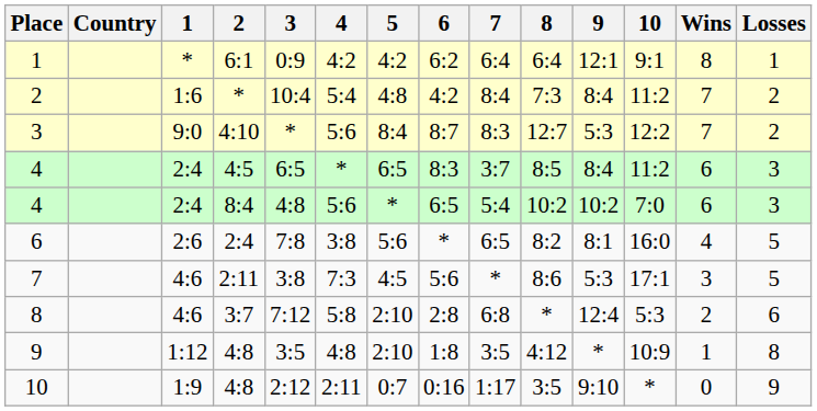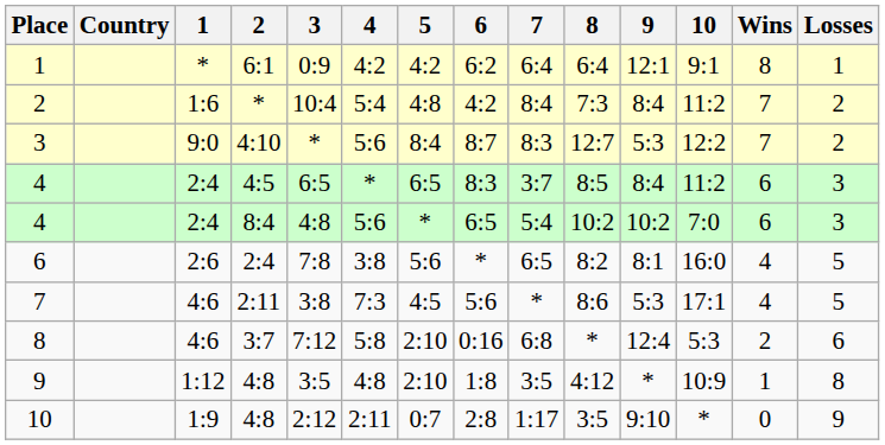 <table class=wikitable style="text-align: center;">
 <tr>
 <th>Place</th>
 <th>Country</th>
 <th width=20>1</th>
 <th width=20>2</th>
 <th width=20>3</th>
 <th width=20>4</th>
 <th width=20>5</th>
 <th width=20>6</th>
 <th width=20>7</th>
 <th width=20>8</th>
 <th width=20>9</th>
 <th width=20>10</th>
 <th width=20>Wins</th>
 <th width=20>Losses</th>
 </tr>
 <tr bgcolor=#ffc>
 <td>1</td>
 <td align="left"></td>
 <td>*</td>
 <td>6:1</td>
 <td>0:9</td>
 <td>4:2</td>
 <td>4:2</td>
 <td>6:2</td>
 <td>6:4</td>
 <td>6:4</td>
 <td>12:1</td>
 <td>9:1</td>
 <td>8</td>
 <td>1</td>
 </tr>
 <tr bgcolor=#ffc>
 <td>2</td>
 <td align="left"></td>
 <td>1:6</td>
 <td>*</td>
 <td>10:4</td>
 <td>5:4</td>
 <td>4:8</td>
 <td>4:2</td>
 <td>8:4</td>
 <td>7:3</td>
 <td>8:4</td>
 <td>11:2</td>
 <td>7</td>
 <td>2</td>
 </tr>
 <tr bgcolor=#ffc>
 <td>3</td>
 <td align="left"></td>
 <td>9:0</td>
 <td>4:10</td>
 <td>*</td>
 <td>5:6</td>
 <td>8:4</td>
 <td>8:7</td>
 <td>8:3</td>
 <td>12:7</td>
 <td>5:3</td>
 <td>12:2</td>
 <td>7</td>
 <td>2</td>
 </tr>
 <tr bgcolor=#cfc>
 <td>4</td>
 <td align="left"></td>
 <td>2:4</td>
 <td>4:5</td>
 <td>6:5</td>
 <td>*</td>
 <td>6:5</td>
 <td>8:3</td>
 <td>3:7</td>
 <td>8:5</td>
 <td>8:4</td>
 <td>11:2</td>
 <td>6</td>
 <td>3</td>
 </tr>
 <tr bgcolor=#cfc>
 <td>4</td>
 <td align="left"></td>
 <td>2:4</td>
 <td>8:4</td>
 <td>4:8</td>
 <td>5:6</td>
 <td>*</td>
 <td>6:5</td>
 <td>5:4</td>
 <td>10:2</td>
 <td>10:2</td>
 <td>7:0</td>
 <td>6</td>
 <td>3</td>
 </tr>
 <tr>
 <td>6</td>
 <td align="left"></td>
 <td>2:6</td>
 <td>2:4</td>
 <td>7:8</td>
 <td>3:8</td>
 <td>5:6</td>
 <td>*</td>
 <td>6:5</td>
 <td>8:2</td>
 <td>8:1</td>
 <td>16:0</td>
 <td>4</td>
 <td>5</td>
 </tr>
 <tr>
 <td>7</td>
 <td align="left"></td>
 <td>4:6</td>
 <td>2:11</td>
 <td>3:8</td>
 <td>7:3</td>
 <td>4:5</td>
 <td>5:6</td>
 <td>*</td>
 <td>8:6</td>
 <td>5:3</td>
 <td>17:1</td>
-<td>3</td>
+<td>4</td>
 <td>5</td>
 </tr>
 <tr>
 <td>8</td>
 <td align="left"></td>
 <td>4:6</td>
 <td>3:7</td>
 <td>7:12</td>
 <td>5:8</td>
 <td>2:10</td>
-<td>2:8</td>
+<td>0:16</td>
 <td>6:8</td>
 <td>*</td>
 <td>12:4</td>
 <td>5:3</td>
 <td>2</td>
 <td>6</td>
 </tr>
 <tr>
 <td>9</td>
 <td align="left"></td>
 <td>1:12</td>
 <td>4:8</td>
 <td>3:5</td>
 <td>4:8</td>
 <td>2:10</td>
 <td>1:8</td>
 <td>3:5</td>
 <td>4:12</td>
 <td>*</td>
 <td>10:9</td>
 <td>1</td>
 <td>8</td>
 </tr>
 <tr>
 <td>10</td>
 <td align="left"></td>
 <td>1:9</td>
 <td>4:8</td>
 <td>2:12</td>
 <td>2:11</td>
 <td>0:7</td>
-<td>0:16</td>
+<td>2:8</td>
 <td>1:17</td>
 <td>3:5</td>
 <td>9:10</td>
 <td>*</td>
 <td>0</td>
 <td>9</td>
 </tr>
 </table>
